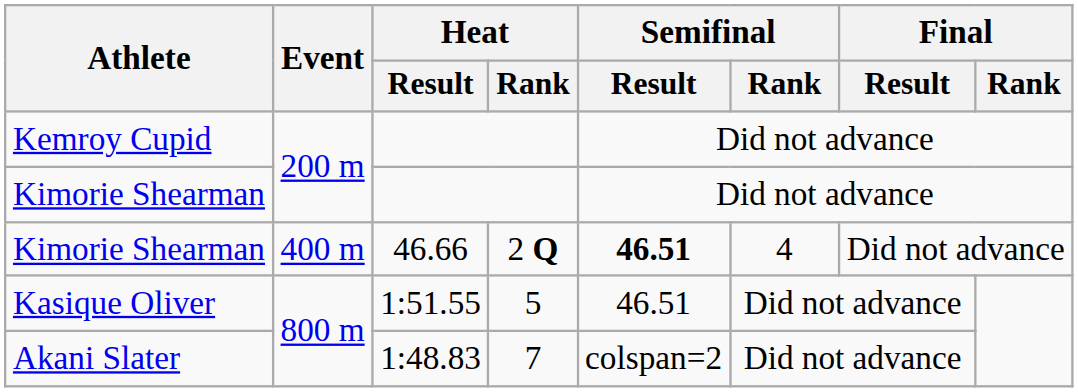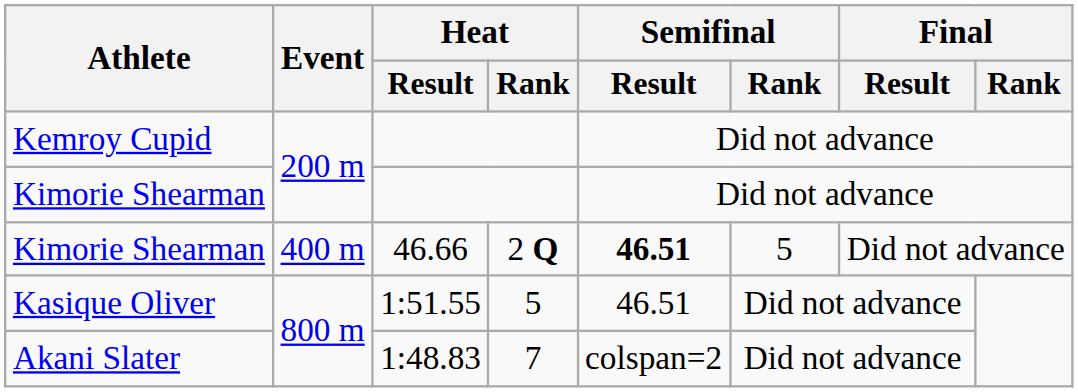 <table class="wikitable" style="font-size:90%">
 <tr>
 <th rowspan=2>Athlete</th>
 <th rowspan=2>Event</th>
 <th colspan=2>Heat</th>
 <th colspan=2>Semifinal</th>
 <th colspan=2>Final</th>
 </tr>
 <tr style="font-size:95%">
 <th>Result</th>
 <th>Rank</th>
 <th>Result</th>
 <th>Rank</th>
 <th>Result</th>
 <th>Rank</th>
 </tr>
 <tr align=center>
 <td align=left><a href='#'>Kemroy Cupid</a></td>
 <td align=left rowspan=2><a href='#'>200 m</a></td>
 <td colspan=2></td>
 <td colspan=4>Did not advance</td>
 </tr>
 <tr align=center>
 <td align=left><a href='#'>Kimorie Shearman</a></td>
 <td colspan=2></td>
 <td colspan=4>Did not advance</td>
 </tr>
 <tr align=center>
 <td align=left><a href='#'>Kimorie Shearman</a></td>
 <td align=left><a href='#'>400 m</a></td>
 <td>46.66</td>
 <td>2 <strong>Q</strong></td>
 <td><strong>46.51</strong></td>
-<td>4</td>
+<td>5</td>
 <td colspan=2>Did not advance</td>
 </tr>
 <tr align=center>
 <td align=left><a href='#'>Kasique Oliver</a></td>
 <td align=left rowspan=2><a href='#'>800 m</a></td>
 <td>1:51.55</td>
 <td>5</td>
 <td>46.51</td>
 <td colspan=2>Did not advance</td>
 </tr>
 <tr align=center>
 <td align=left><a href='#'>Akani Slater</a></td>
 <td>1:48.83</td>
 <td>7</td>
 <td>colspan=2</td>
 <td colspan=2>Did not advance</td>
 </tr>
 </table>
